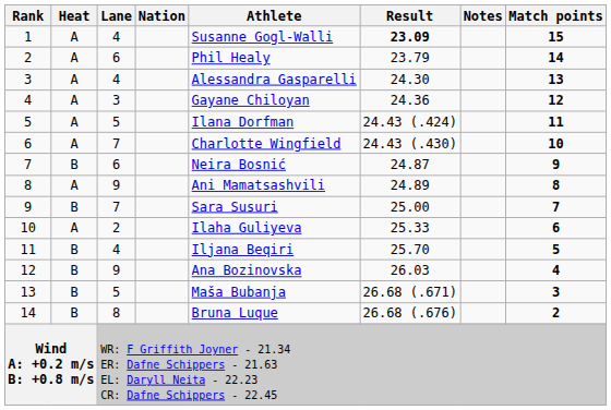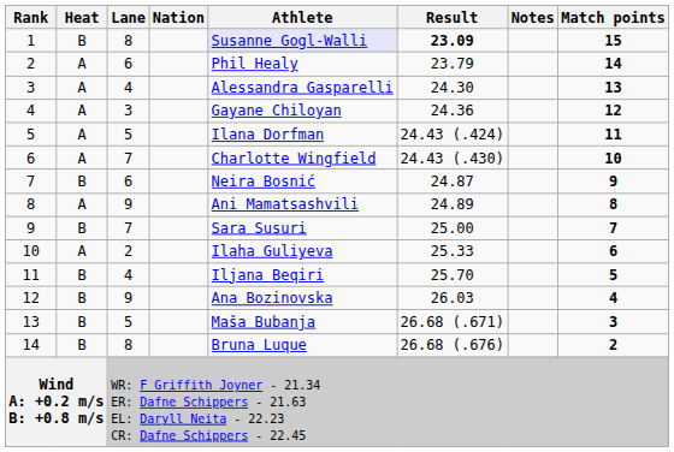 <table class="wikitable sortable" style="text-align:left;">
 <tr>
 <th>Rank</th>
 <th>Heat</th>
 <th>Lane</th>
 <th>Nation</th>
 <th>Athlete</th>
 <th>Result</th>
 <th>Notes</th>
 <th>Match points</th>
 </tr>
 <tr>
 <td align=center>1</td>
-<td align=center>A</td>
-<td align=center>4</td>
+<td align=center>B</td>
+<td align=center>8</td>
 <td></td>
-<td><a href='#'>Susanne Gogl-Walli</a></td>
+<td style="background: lavender;"><a href='#'>Susanne Gogl-Walli</a></td>
 <td align=center><strong>23.09</strong></td>
 <td align=center></td>
 <td align=center><strong>15</strong></td>
 </tr>
 <tr>
 <td align=center>2</td>
 <td align=center>A</td>
 <td align=center>6</td>
 <td></td>
 <td><a href='#'>Phil Healy</a></td>
 <td align=center>23.79</td>
 <td></td>
 <td align=center><strong>14</strong></td>
 </tr>
 <tr>
 <td align=center>3</td>
 <td align=center>A</td>
 <td align=center>4</td>
 <td></td>
 <td><a href='#'>Alessandra Gasparelli</a></td>
 <td align=center>24.30</td>
 <td align=center></td>
 <td align=center><strong>13</strong></td>
 </tr>
 <tr>
 <td align=center>4</td>
 <td align=center>A</td>
 <td align=center>3</td>
 <td></td>
 <td><a href='#'>Gayane Chiloyan</a></td>
 <td align=center>24.36</td>
 <td align=center></td>
 <td align=center><strong>12</strong></td>
 </tr>
 <tr>
 <td align=center>5</td>
 <td align=center>A</td>
 <td align=center>5</td>
 <td></td>
 <td><a href='#'>Ilana Dorfman</a></td>
 <td align=center>24.43 (.424)</td>
 <td align=center></td>
 <td align=center><strong>11</strong></td>
 </tr>
 <tr>
 <td align=center>6</td>
 <td align=center>A</td>
 <td align=center>7</td>
 <td></td>
 <td><a href='#'>Charlotte Wingfield</a></td>
 <td align=center>24.43 (.430)</td>
 <td></td>
 <td align=center><strong>10</strong></td>
 </tr>
 <tr>
 <td align=center>7</td>
 <td align=center>B</td>
 <td align=center>6</td>
 <td></td>
 <td><a href='#'>Neira Bosnić</a></td>
 <td align=center>24.87</td>
 <td align=center></td>
 <td align=center><strong>9</strong></td>
 </tr>
 <tr>
 <td align=center>8</td>
 <td align=center>A</td>
 <td align=center>9</td>
 <td></td>
 <td><a href='#'>Ani Mamatsashvili</a></td>
 <td align=center>24.89</td>
 <td align=center></td>
 <td align=center><strong>8</strong></td>
 </tr>
 <tr>
 <td align=center>9</td>
 <td align=center>B</td>
 <td align=center>7</td>
 <td></td>
 <td><a href='#'>Sara Susuri</a></td>
 <td align=center>25.00</td>
 <td align=center></td>
 <td align=center><strong>7</strong></td>
 </tr>
 <tr>
 <td align=center>10</td>
 <td align=center>A</td>
 <td align=center>2</td>
 <td></td>
 <td><a href='#'>Ilaha Guliyeva</a></td>
 <td align=center>25.33</td>
 <td align=center></td>
 <td align=center><strong>6</strong></td>
 </tr>
 <tr>
 <td align=center>11</td>
 <td align=center>B</td>
 <td align=center>4</td>
 <td></td>
 <td><a href='#'>Iljana Beqiri</a></td>
 <td align=center>25.70</td>
 <td align=center></td>
 <td align=center><strong>5</strong></td>
 </tr>
 <tr>
 <td align=center>12</td>
 <td align=center>B</td>
 <td align=center>9</td>
 <td></td>
 <td><a href='#'>Ana Bozinovska</a></td>
 <td align=center>26.03</td>
 <td align=center></td>
 <td align=center><strong>4</strong></td>
 </tr>
 <tr>
 <td align=center>13</td>
 <td align=center>B</td>
 <td align=center>5</td>
 <td></td>
 <td><a href='#'>Maša Bubanja</a></td>
 <td align=center>26.68 (.671)</td>
 <td align=center></td>
 <td align=center><strong>3</strong></td>
 </tr>
 <tr>
 <td align=center>14</td>
 <td align=center>B</td>
 <td align=center>8</td>
 <td></td>
 <td><a href='#'>Bruna Luque</a></td>
 <td align=center>26.68 (.676)</td>
 <td align=center></td>
 <td align=center><strong>2</strong></td>
 </tr>
 <tr>
 <th colspan="2" align="left">Wind<br>A: +0.2 m/s<br>B: +0.8 m/s</th>
 <td colspan="6" bgcolor="#cccccc"><br> <small>WR:   <a href='#'>F Griffith Joyner</a> - 21.34<br>ER:  <a href='#'>Dafne Schippers</a> - 21.63<br></small> <small>EL:   <a href='#'>Daryll Neita</a> - 22.23<br>CR:  <a href='#'>Dafne Schippers</a> - 22.45</small></td>
 </tr>
 </table>
